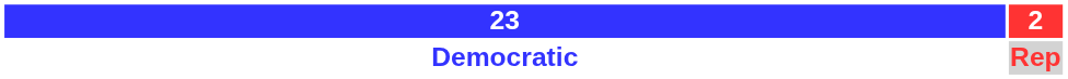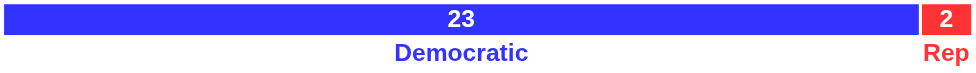 <table style="width:50%">
 <tr>
 <td scope="row" colspan="3" style="text-align:center"></td>
 </tr>
 <tr>
 <td scope="row" style="background:#33F; width:96%; text-align:center; color:white"><strong>23</strong> </td>
 <td style="background:#F33; width:4%; text-align:center; color:white"><strong>2</strong></td>
 </tr>
 <tr>
 <td scope="row" style="text-align:center; color:#33F"><strong>Democratic</strong> </td>
-<td style="background: lightgrey; text-align:center; color:#F33"><strong>Rep</strong></td>
+<td style="text-align:center; color:#F33"><strong>Rep</strong></td>
 </tr>
 </table>
